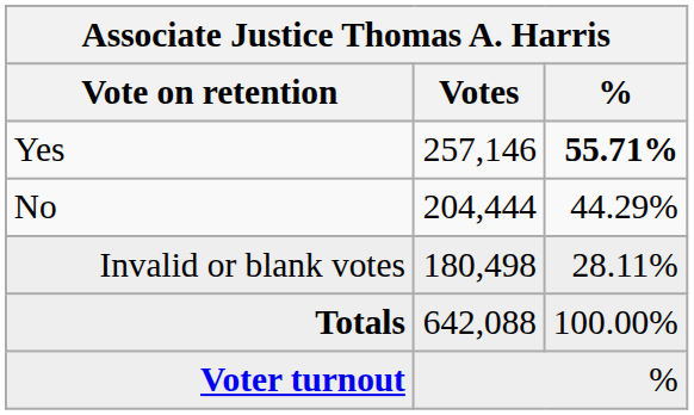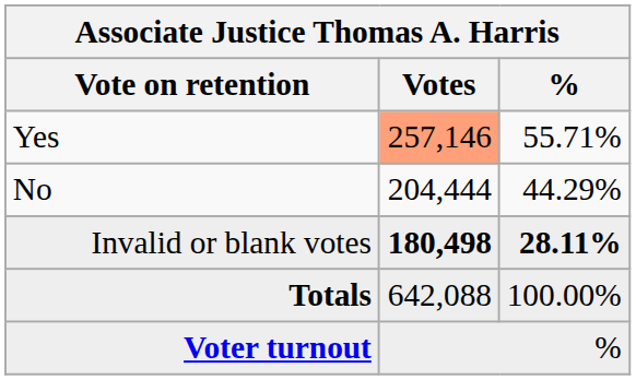 <table class="wikitable" style="font-size: 95%;">
 <tr style="background-color:#E9E9E9">
 <th colspan=7>Associate Justice Thomas A. Harris</th>
 </tr>
 <tr style="background-color:#E9E9E9">
 <th style="width: 170px">Vote on retention</th>
 <th style="width: 50px">Votes</th>
 <th style="width: 40px">%</th>
 </tr>
 <tr>
 <td>Yes</td>
-<td align="right">257,146</td>
-<td align="right"><strong>55.71%</strong></td>
+<td align="right" style="background: lightsalmon;">257,146</td>
+<td align="right">55.71%</td>
 </tr>
 <tr>
 <td>No</td>
 <td align="right">204,444</td>
 <td align="right">44.29%</td>
 </tr>
 <tr style="background-color:#EEEEEE">
 <td align="right">Invalid or blank votes</td>
-<td align="right">180,498</td>
-<td align="right">28.11%</td>
+<td align="right"><strong>180,498</strong></td>
+<td align="right"><strong>28.11%</strong></td>
 </tr>
 <tr style="background-color:#EEEEEE">
 <td colspan="1" align="right"><strong>Totals</strong></td>
 <td align="right">642,088</td>
 <td align="right">100.00%</td>
 </tr>
 <tr style="background-color:#EEEEEE">
 <td align="right"><strong><a href='#'>Voter turnout</a></strong></td>
 <td colspan="2" align="right">%</td>
 </tr>
 </table>
